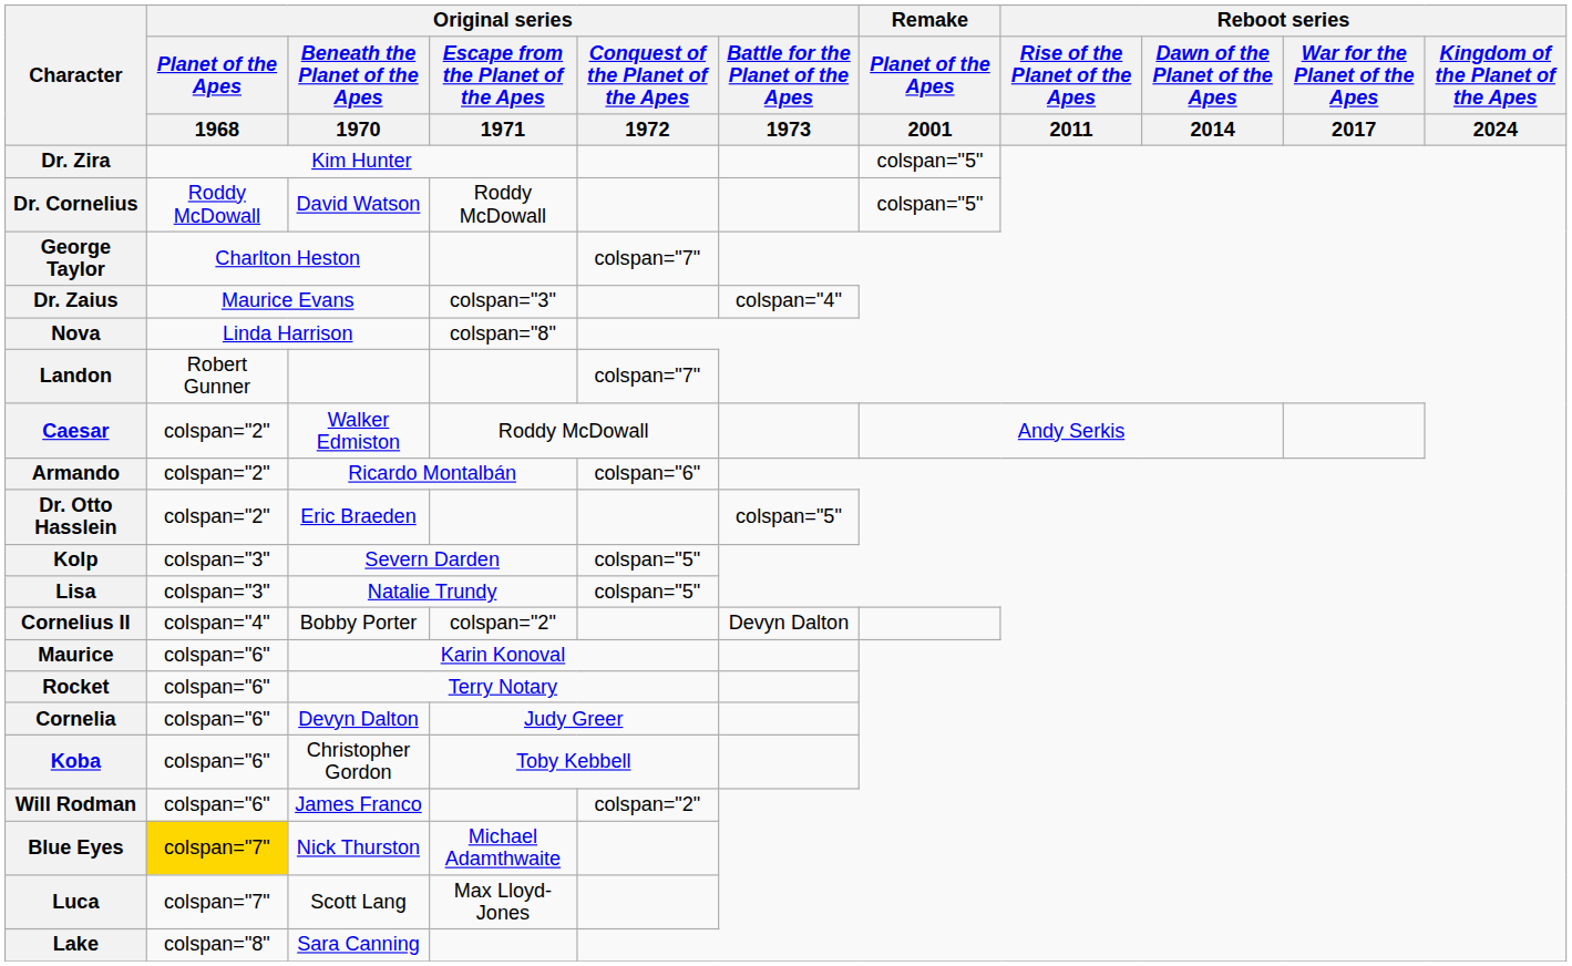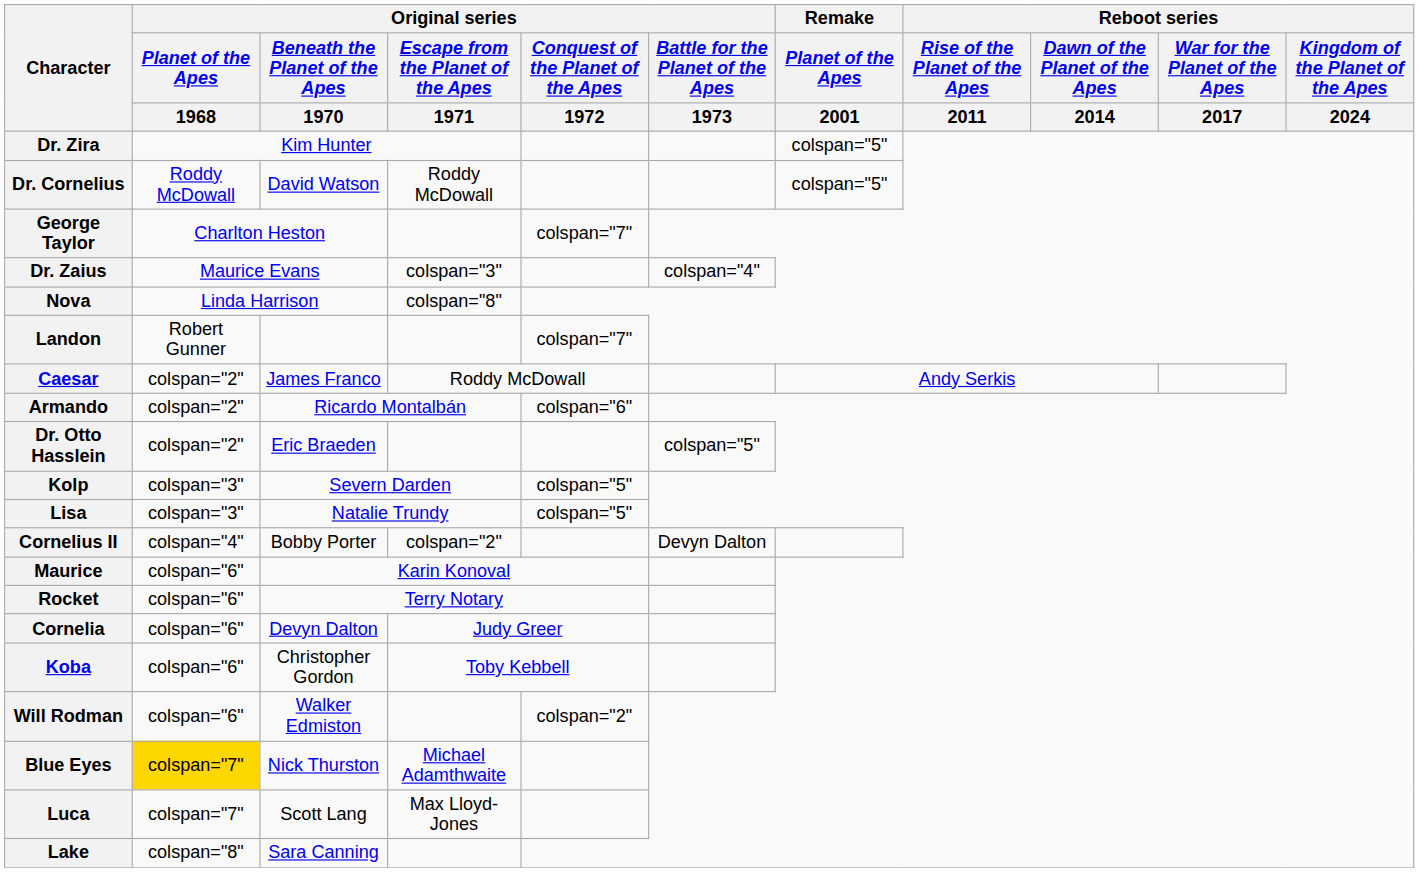 <table class="wikitable" style="text-align:center; width: to 99%">
 <tr>
 <th rowspan="3" style="width:7.6%;">Character</th>
 <th colspan="5">Original series</th>
 <th>Remake</th>
 <th colspan="4">Reboot series</th>
 </tr>
 <tr>
 <th style="text-align:center; width:7.6%;"><em><a href='#'>Planet of the Apes</a></em></th>
 <th style="text-align:center; width:7.6%;"><em><a href='#'>Beneath the Planet of the Apes</a></em></th>
 <th style="text-align:center; width:7.6%;"><em><a href='#'>Escape from the Planet of the Apes</a></em></th>
 <th style="text-align:center; width:7.6%;"><em><a href='#'>Conquest of the Planet of the Apes</a></em></th>
 <th style="text-align:center; width:7.6%;"><em><a href='#'>Battle for the Planet of the Apes</a></em></th>
 <th style="text-align:center; width:7.6%;"><em><a href='#'>Planet of the Apes</a></em></th>
 <th style="text-align:center; width:7.6%;"><em><a href='#'>Rise of the Planet of the Apes</a></em></th>
 <th style="text-align:center; width:7.6%;"><em><a href='#'>Dawn of the Planet of the Apes</a></em></th>
 <th style="text-align:center; width:7.6%;"><em><a href='#'>War for the Planet of the Apes</a></em></th>
 <th style="text-align:center; width:7.6%;"><em><a href='#'>Kingdom of the Planet of the Apes</a></em></th>
 </tr>
 <tr>
 <th>1968</th>
 <th>1970</th>
 <th>1971</th>
 <th>1972</th>
 <th>1973</th>
 <th>2001</th>
 <th>2011</th>
 <th>2014</th>
 <th>2017</th>
 <th>2024</th>
 </tr>
 <tr>
 <th scope=row>Dr. Zira</th>
 <td colspan="3"><a href='#'>Kim Hunter</a></td>
 <td></td>
 <td></td>
 <td>colspan="5" </td>
 </tr>
 <tr>
 <th scope=row>Dr. Cornelius</th>
 <td><a href='#'>Roddy McDowall</a></td>
 <td><a href='#'>David Watson</a></td>
 <td>Roddy McDowall</td>
 <td></td>
 <td></td>
 <td>colspan="5" </td>
 </tr>
 <tr>
 <th scope="row">George Taylor</th>
 <td colspan="2"><a href='#'>Charlton Heston</a></td>
 <td></td>
 <td>colspan="7" </td>
 </tr>
 <tr>
 <th scope="row">Dr. Zaius</th>
 <td colspan="2"><a href='#'>Maurice Evans</a></td>
 <td>colspan="3" </td>
 <td></td>
 <td>colspan="4" </td>
 </tr>
 <tr>
 <th scope="row">Nova</th>
 <td colspan="2"><a href='#'>Linda Harrison</a></td>
 <td>colspan="8" </td>
 </tr>
 <tr>
 <th scope="row">Landon</th>
 <td>Robert Gunner</td>
 <td></td>
 <td></td>
 <td>colspan="7" </td>
 </tr>
 <tr>
 <th scope="row"><a href='#'>Caesar</a></th>
 <td>colspan="2" </td>
-<td><a href='#'>Walker Edmiston</a></td>
+<td><a href='#'>James Franco</a></td>
 <td colspan="2">Roddy McDowall</td>
 <td></td>
 <td colspan="3"><a href='#'>Andy Serkis</a></td>
 <td></td>
 </tr>
 <tr>
 <th scope="row">Armando</th>
 <td>colspan="2" </td>
 <td colspan="2"><a href='#'>Ricardo Montalbán</a></td>
 <td>colspan="6" </td>
 </tr>
 <tr>
 <th scope="row">Dr. Otto Hasslein</th>
 <td>colspan="2" </td>
 <td><a href='#'>Eric Braeden</a></td>
 <td></td>
 <td></td>
 <td>colspan="5" </td>
 </tr>
 <tr>
 <th scope="row">Kolp</th>
 <td>colspan="3" </td>
 <td colspan="2"><a href='#'>Severn Darden</a></td>
 <td>colspan="5" </td>
 </tr>
 <tr>
 <th scope="row">Lisa</th>
 <td>colspan="3" </td>
 <td colspan="2"><a href='#'>Natalie Trundy</a></td>
 <td>colspan="5" </td>
 </tr>
 <tr>
 <th scope="row">Cornelius II</th>
 <td>colspan="4" </td>
 <td>Bobby Porter</td>
 <td>colspan="2" </td>
 <td></td>
 <td>Devyn Dalton</td>
 <td></td>
 </tr>
 <tr>
 <th scope="row">Maurice</th>
 <td>colspan="6" </td>
 <td colspan="3"><a href='#'>Karin Konoval</a></td>
 <td></td>
 </tr>
 <tr>
 <th scope="row">Rocket</th>
 <td>colspan="6" </td>
 <td colspan="3"><a href='#'>Terry Notary</a></td>
 <td></td>
 </tr>
 <tr>
 <th scope="row">Cornelia</th>
 <td>colspan="6" </td>
 <td><a href='#'>Devyn Dalton</a></td>
 <td colspan="2"><a href='#'>Judy Greer</a></td>
 <td></td>
 </tr>
 <tr>
 <th scope="row"><a href='#'>Koba</a></th>
 <td>colspan="6" </td>
 <td>Christopher Gordon</td>
 <td colspan="2"><a href='#'>Toby Kebbell</a></td>
 <td></td>
 </tr>
 <tr>
 <th scope="row">Will Rodman</th>
 <td>colspan="6" </td>
-<td><a href='#'>James Franco</a></td>
+<td><a href='#'>Walker Edmiston</a></td>
 <td></td>
 <td>colspan="2" </td>
 </tr>
 <tr>
 <th scope="row">Blue Eyes</th>
 <td style="background: gold;">colspan="7" </td>
 <td><a href='#'>Nick Thurston</a></td>
 <td><a href='#'>Michael Adamthwaite</a></td>
 <td></td>
 </tr>
 <tr>
 <th scope="row">Luca</th>
 <td>colspan="7" </td>
 <td>Scott Lang</td>
 <td>Max Lloyd-Jones</td>
 <td></td>
 </tr>
 <tr>
 <th scope="row">Lake</th>
 <td>colspan="8" </td>
 <td><a href='#'>Sara Canning</a></td>
 <td></td>
 </tr>
 </table>
